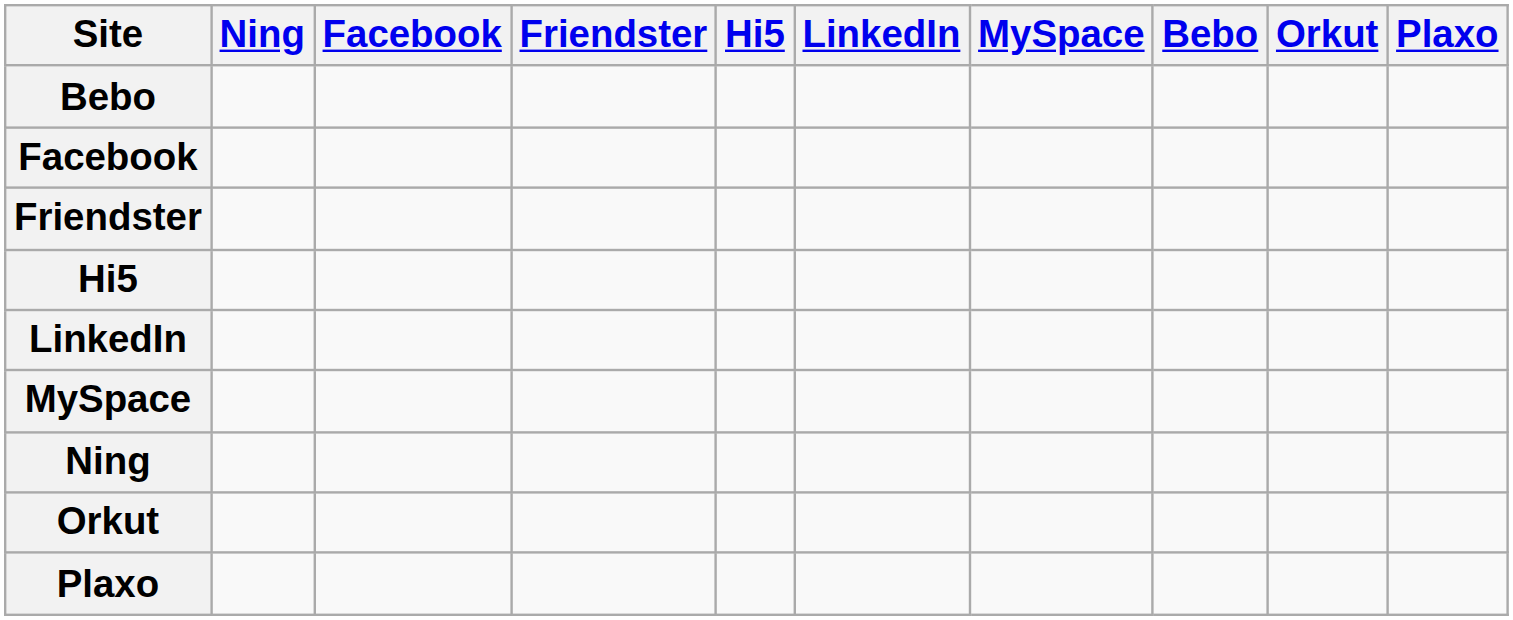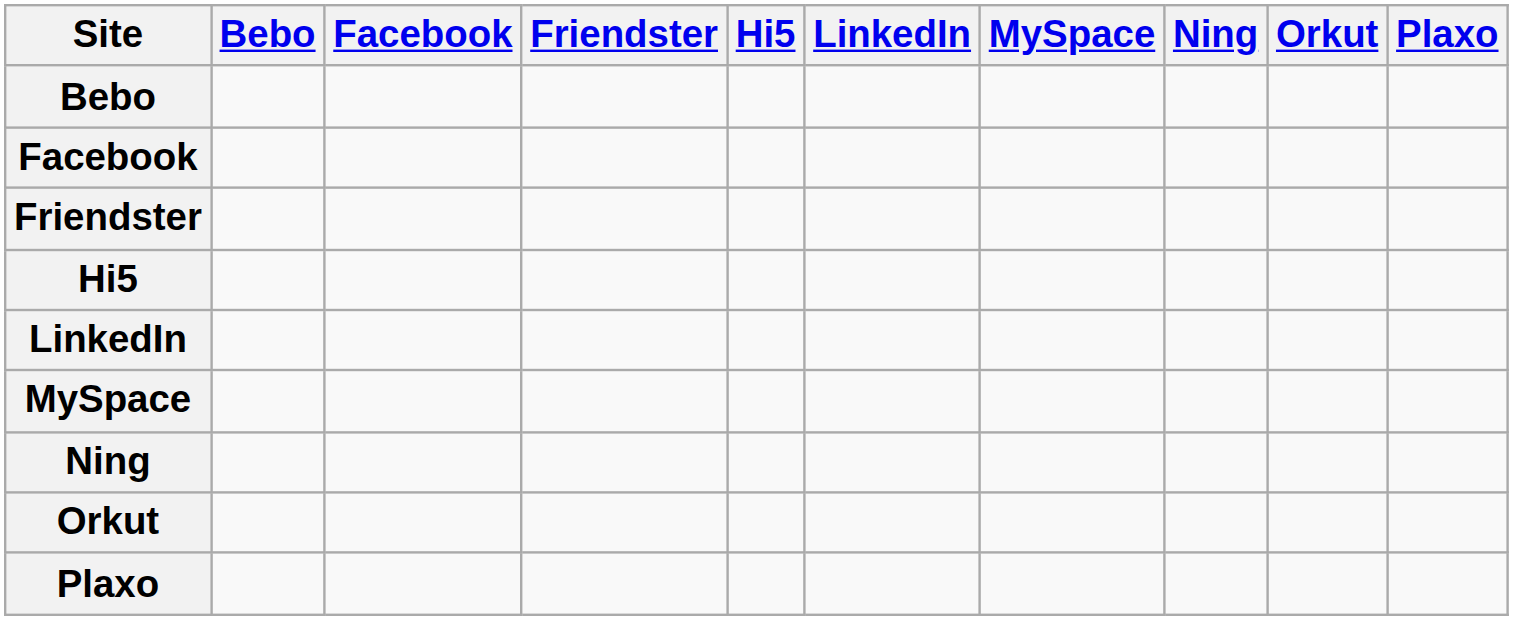 <table class="wikitable sortable">
 <tr>
 <th>Site</th>
-<th><a href='#'>Ning</a></th>
+<th><a href='#'>Bebo</a></th>
 <th><a href='#'>Facebook</a></th>
 <th><a href='#'>Friendster</a></th>
 <th><a href='#'>Hi5</a></th>
 <th><a href='#'>LinkedIn</a></th>
 <th><a href='#'>MySpace</a></th>
-<th><a href='#'>Bebo</a></th>
+<th><a href='#'>Ning</a></th>
 <th><a href='#'>Orkut</a></th>
 <th><a href='#'>Plaxo</a></th>
 </tr>
 <tr>
 <th>Bebo</th>
 <td></td>
 <td></td>
 <td></td>
 <td></td>
 <td></td>
 <td></td>
 <td></td>
 <td></td>
 <td></td>
 </tr>
 <tr>
 <th>Facebook</th>
 <td></td>
 <td></td>
 <td></td>
 <td></td>
 <td></td>
 <td></td>
 <td></td>
 <td></td>
 <td></td>
 </tr>
 <tr>
 <th>Friendster</th>
 <td></td>
 <td></td>
 <td></td>
 <td></td>
 <td></td>
 <td></td>
 <td></td>
 <td></td>
 <td></td>
 </tr>
 <tr>
 <th>Hi5</th>
 <td></td>
 <td></td>
 <td></td>
 <td></td>
 <td></td>
 <td></td>
 <td></td>
 <td></td>
 <td></td>
 </tr>
 <tr>
 <th>LinkedIn</th>
 <td></td>
 <td></td>
 <td></td>
 <td></td>
 <td></td>
 <td></td>
 <td></td>
 <td></td>
 <td></td>
 </tr>
 <tr>
 <th>MySpace</th>
 <td></td>
 <td></td>
 <td></td>
 <td></td>
 <td></td>
 <td></td>
 <td></td>
 <td></td>
 <td></td>
 </tr>
 <tr>
 <th>Ning</th>
 <td></td>
 <td></td>
 <td></td>
 <td></td>
 <td></td>
 <td></td>
 <td></td>
 <td></td>
 <td></td>
 </tr>
 <tr>
 <th>Orkut</th>
 <td></td>
 <td></td>
 <td></td>
 <td></td>
 <td></td>
 <td></td>
 <td></td>
 <td></td>
 <td></td>
 </tr>
 <tr>
 <th>Plaxo</th>
 <td></td>
 <td></td>
 <td></td>
 <td></td>
 <td></td>
 <td></td>
 <td></td>
 <td></td>
 <td></td>
 </tr>
 </table>
